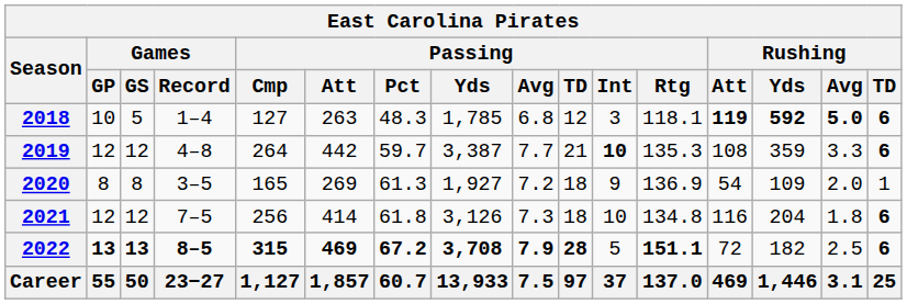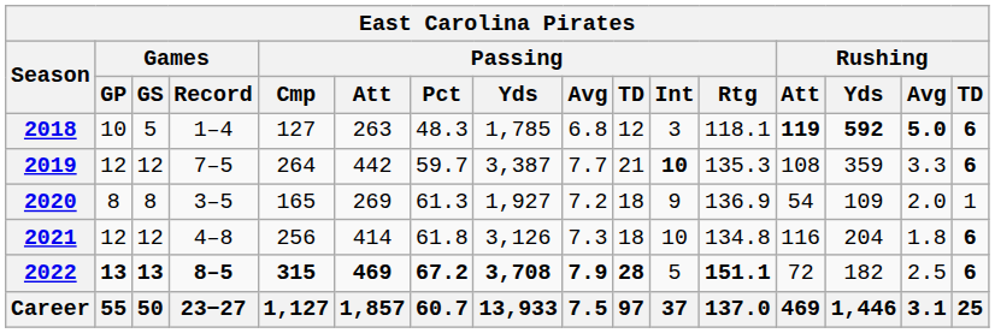 <table class="wikitable" style="text-align:center;">
 <tr>
 <th colspan="16">East Carolina Pirates</th>
 </tr>
 <tr>
 <th rowspan="2">Season</th>
 <th colspan="3">Games</th>
 <th colspan="8">Passing</th>
 <th colspan="5">Rushing</th>
 </tr>
 <tr>
 <th>GP</th>
 <th>GS</th>
 <th>Record</th>
 <th>Cmp</th>
 <th>Att</th>
 <th>Pct</th>
 <th>Yds</th>
 <th>Avg</th>
 <th>TD</th>
 <th>Int</th>
 <th>Rtg</th>
 <th>Att</th>
 <th>Yds</th>
 <th>Avg</th>
 <th>TD</th>
 </tr>
 <tr>
 <th><a href='#'>2018</a></th>
 <td>10</td>
 <td>5</td>
 <td>1–4</td>
 <td>127</td>
 <td>263</td>
 <td>48.3</td>
 <td>1,785</td>
 <td>6.8</td>
 <td>12</td>
 <td>3</td>
 <td>118.1</td>
 <td><strong>119</strong></td>
 <td><strong>592</strong></td>
 <td><strong>5.0</strong></td>
 <td><strong>6</strong></td>
 </tr>
 <tr>
 <th><a href='#'>2019</a></th>
 <td>12</td>
 <td>12</td>
-<td>4–8</td>
+<td>7–5</td>
 <td>264</td>
 <td>442</td>
 <td>59.7</td>
 <td>3,387</td>
 <td>7.7</td>
 <td>21</td>
 <td><strong>10</strong></td>
 <td>135.3</td>
 <td>108</td>
 <td>359</td>
 <td>3.3</td>
 <td><strong>6</strong></td>
 </tr>
 <tr>
 <th><a href='#'>2020</a></th>
 <td>8</td>
 <td>8</td>
 <td>3–5</td>
 <td>165</td>
 <td>269</td>
 <td>61.3</td>
 <td>1,927</td>
 <td>7.2</td>
 <td>18</td>
 <td>9</td>
 <td>136.9</td>
 <td>54</td>
 <td>109</td>
 <td>2.0</td>
 <td>1</td>
 </tr>
 <tr>
 <th><a href='#'>2021</a></th>
 <td>12</td>
 <td>12</td>
-<td>7–5</td>
+<td>4–8</td>
 <td>256</td>
 <td>414</td>
 <td>61.8</td>
 <td>3,126</td>
 <td>7.3</td>
 <td>18</td>
 <td>10</td>
 <td>134.8</td>
 <td>116</td>
 <td>204</td>
 <td>1.8</td>
 <td><strong>6</strong></td>
 </tr>
 <tr>
 <th><a href='#'>2022</a></th>
 <td><strong>13</strong></td>
 <td><strong>13</strong></td>
 <td><strong>8–5</strong></td>
 <td><strong>315</strong></td>
 <td><strong>469</strong></td>
 <td><strong>67.2</strong></td>
 <td><strong>3,708</strong></td>
 <td><strong>7.9</strong></td>
 <td><strong>28</strong></td>
 <td>5</td>
 <td><strong>151.1</strong></td>
 <td>72</td>
 <td>182</td>
 <td>2.5</td>
 <td><strong>6</strong></td>
 </tr>
 <tr>
 <th>Career</th>
 <th>55</th>
 <th>50</th>
 <th>23−27</th>
 <th>1,127</th>
 <th>1,857</th>
 <th>60.7</th>
 <th>13,933</th>
 <th>7.5</th>
 <th>97</th>
 <th>37</th>
 <th>137.0</th>
 <th>469</th>
 <th>1,446</th>
 <th>3.1</th>
 <th>25</th>
 </tr>
 </table>
